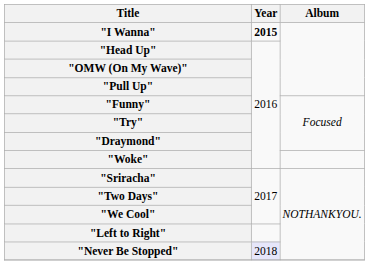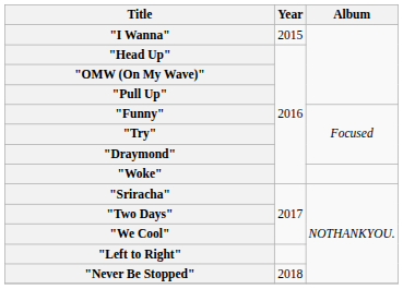 <table class="wikitable plainrowheaders" style="text-align:center;">
 <tr>
 <th scope="col" style="width:21em;">Title</th>
 <th scope="col">Year</th>
 <th scope="col">Album</th>
 </tr>
 <tr>
 <th scope="row">"I Wanna"</th>
-<td><strong>2015</strong></td>
+<td>2015</td>
 <td rowspan="4"></td>
 </tr>
 <tr>
 <th scope="row">"Head Up"</th>
 <td rowspan="7">2016</td>
 </tr>
 <tr>
 <th scope="row">"OMW (On My Wave)"</th>
 </tr>
 <tr>
 <th scope="row">"Pull Up"</th>
 </tr>
 <tr>
 <th scope="row">"Funny"</th>
 <td rowspan="3"><em>Focused</em></td>
 </tr>
 <tr>
 <th scope="row">"Try"</th>
 </tr>
 <tr>
 <th scope="row">"Draymond"</th>
 </tr>
 <tr>
 <th scope="row">"Woke"<br></th>
 <td></td>
 </tr>
 <tr>
 <th scope="row">"Sriracha"</th>
 <td rowspan="3">2017</td>
 <td rowspan="5"><em>NOTHANKYOU.</em></td>
 </tr>
 <tr>
 <th scope="row">"Two Days"</th>
 </tr>
 <tr>
 <th scope="row">"We Cool"</th>
 </tr>
 <tr>
 <th scope="row">"Left to Right"</th>
 </tr>
 <tr>
 <th scope="row">"Never Be Stopped"<br></th>
-<td style="background: lavender;">2018</td>
+<td>2018</td>
 </tr>
 <tr>
 </tr>
 </table>
